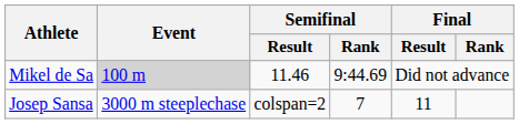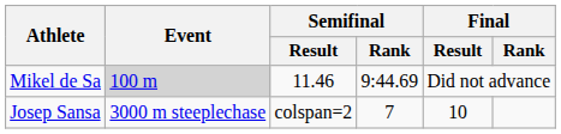 <table class="wikitable" style="font-size:90%">
 <tr>
 <th rowspan="2">Athlete</th>
 <th rowspan="2">Event</th>
 <th colspan="2">Semifinal</th>
 <th colspan="2">Final</th>
 </tr>
 <tr style="font-size:95%">
 <th>Result</th>
 <th>Rank</th>
 <th>Result</th>
 <th>Rank</th>
 </tr>
 <tr align=center>
 <td align=left><a href='#'>Mikel de Sa</a></td>
 <td align=left style="background: lightgrey;"><a href='#'>100 m</a></td>
 <td>11.46</td>
 <td>9:44.69</td>
 <td colspan=2>Did not advance</td>
 </tr>
 <tr align=center>
 <td align=left><a href='#'>Josep Sansa</a></td>
 <td align=left><a href='#'>3000 m steeplechase</a></td>
 <td>colspan=2 </td>
 <td>7</td>
-<td>11</td>
+<td>10</td>
 </tr>
 </table>
